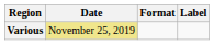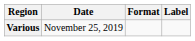 <table class="wikitable plainrowheaders">
 <tr>
 <th>Region</th>
 <th>Date</th>
 <th>Format</th>
 <th>Label</th>
 </tr>
 <tr>
 <th scope="row">Various</th>
-<td style="background: khaki;">November 25, 2019</td>
+<td>November 25, 2019</td>
 <td></td>
 <td rowspan="2"></td>
 </tr>
 </table>
